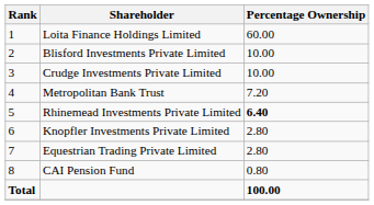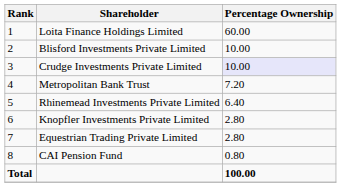 <table class="wikitable sortable" style="margin-left:auto;margin-right:auto">
 <tr>
 <th style="width:2em;">Rank</th>
 <th>Shareholder</th>
 <th>Percentage Ownership</th>
 </tr>
 <tr>
 <td>1</td>
 <td>Loita Finance Holdings Limited</td>
 <td>60.00</td>
 </tr>
 <tr>
 <td>2</td>
 <td>Blisford Investments Private Limited</td>
 <td>10.00</td>
 </tr>
 <tr>
 <td>3</td>
 <td>Crudge Investments Private Limited</td>
-<td>10.00</td>
+<td style="background: lavender;">10.00</td>
 </tr>
 <tr>
 <td>4</td>
 <td>Metropolitan Bank Trust</td>
 <td>7.20</td>
 </tr>
 <tr>
 <td>5</td>
 <td>Rhinemead Investments Private Limited</td>
-<td><strong>6.40</strong></td>
+<td>6.40</td>
 </tr>
 <tr>
 <td>6</td>
 <td>Knopfler Investments Private Limited</td>
 <td>2.80</td>
 </tr>
 <tr>
 <td>7</td>
 <td>Equestrian Trading Private Limited</td>
 <td>2.80</td>
 </tr>
 <tr>
 <td>8</td>
 <td>CAI Pension Fund</td>
 <td>0.80</td>
 </tr>
 <tr>
 <td><strong>Total</strong></td>
 <td></td>
 <td><strong>100.00</strong></td>
 </tr>
 <tr>
 </tr>
 </table>
